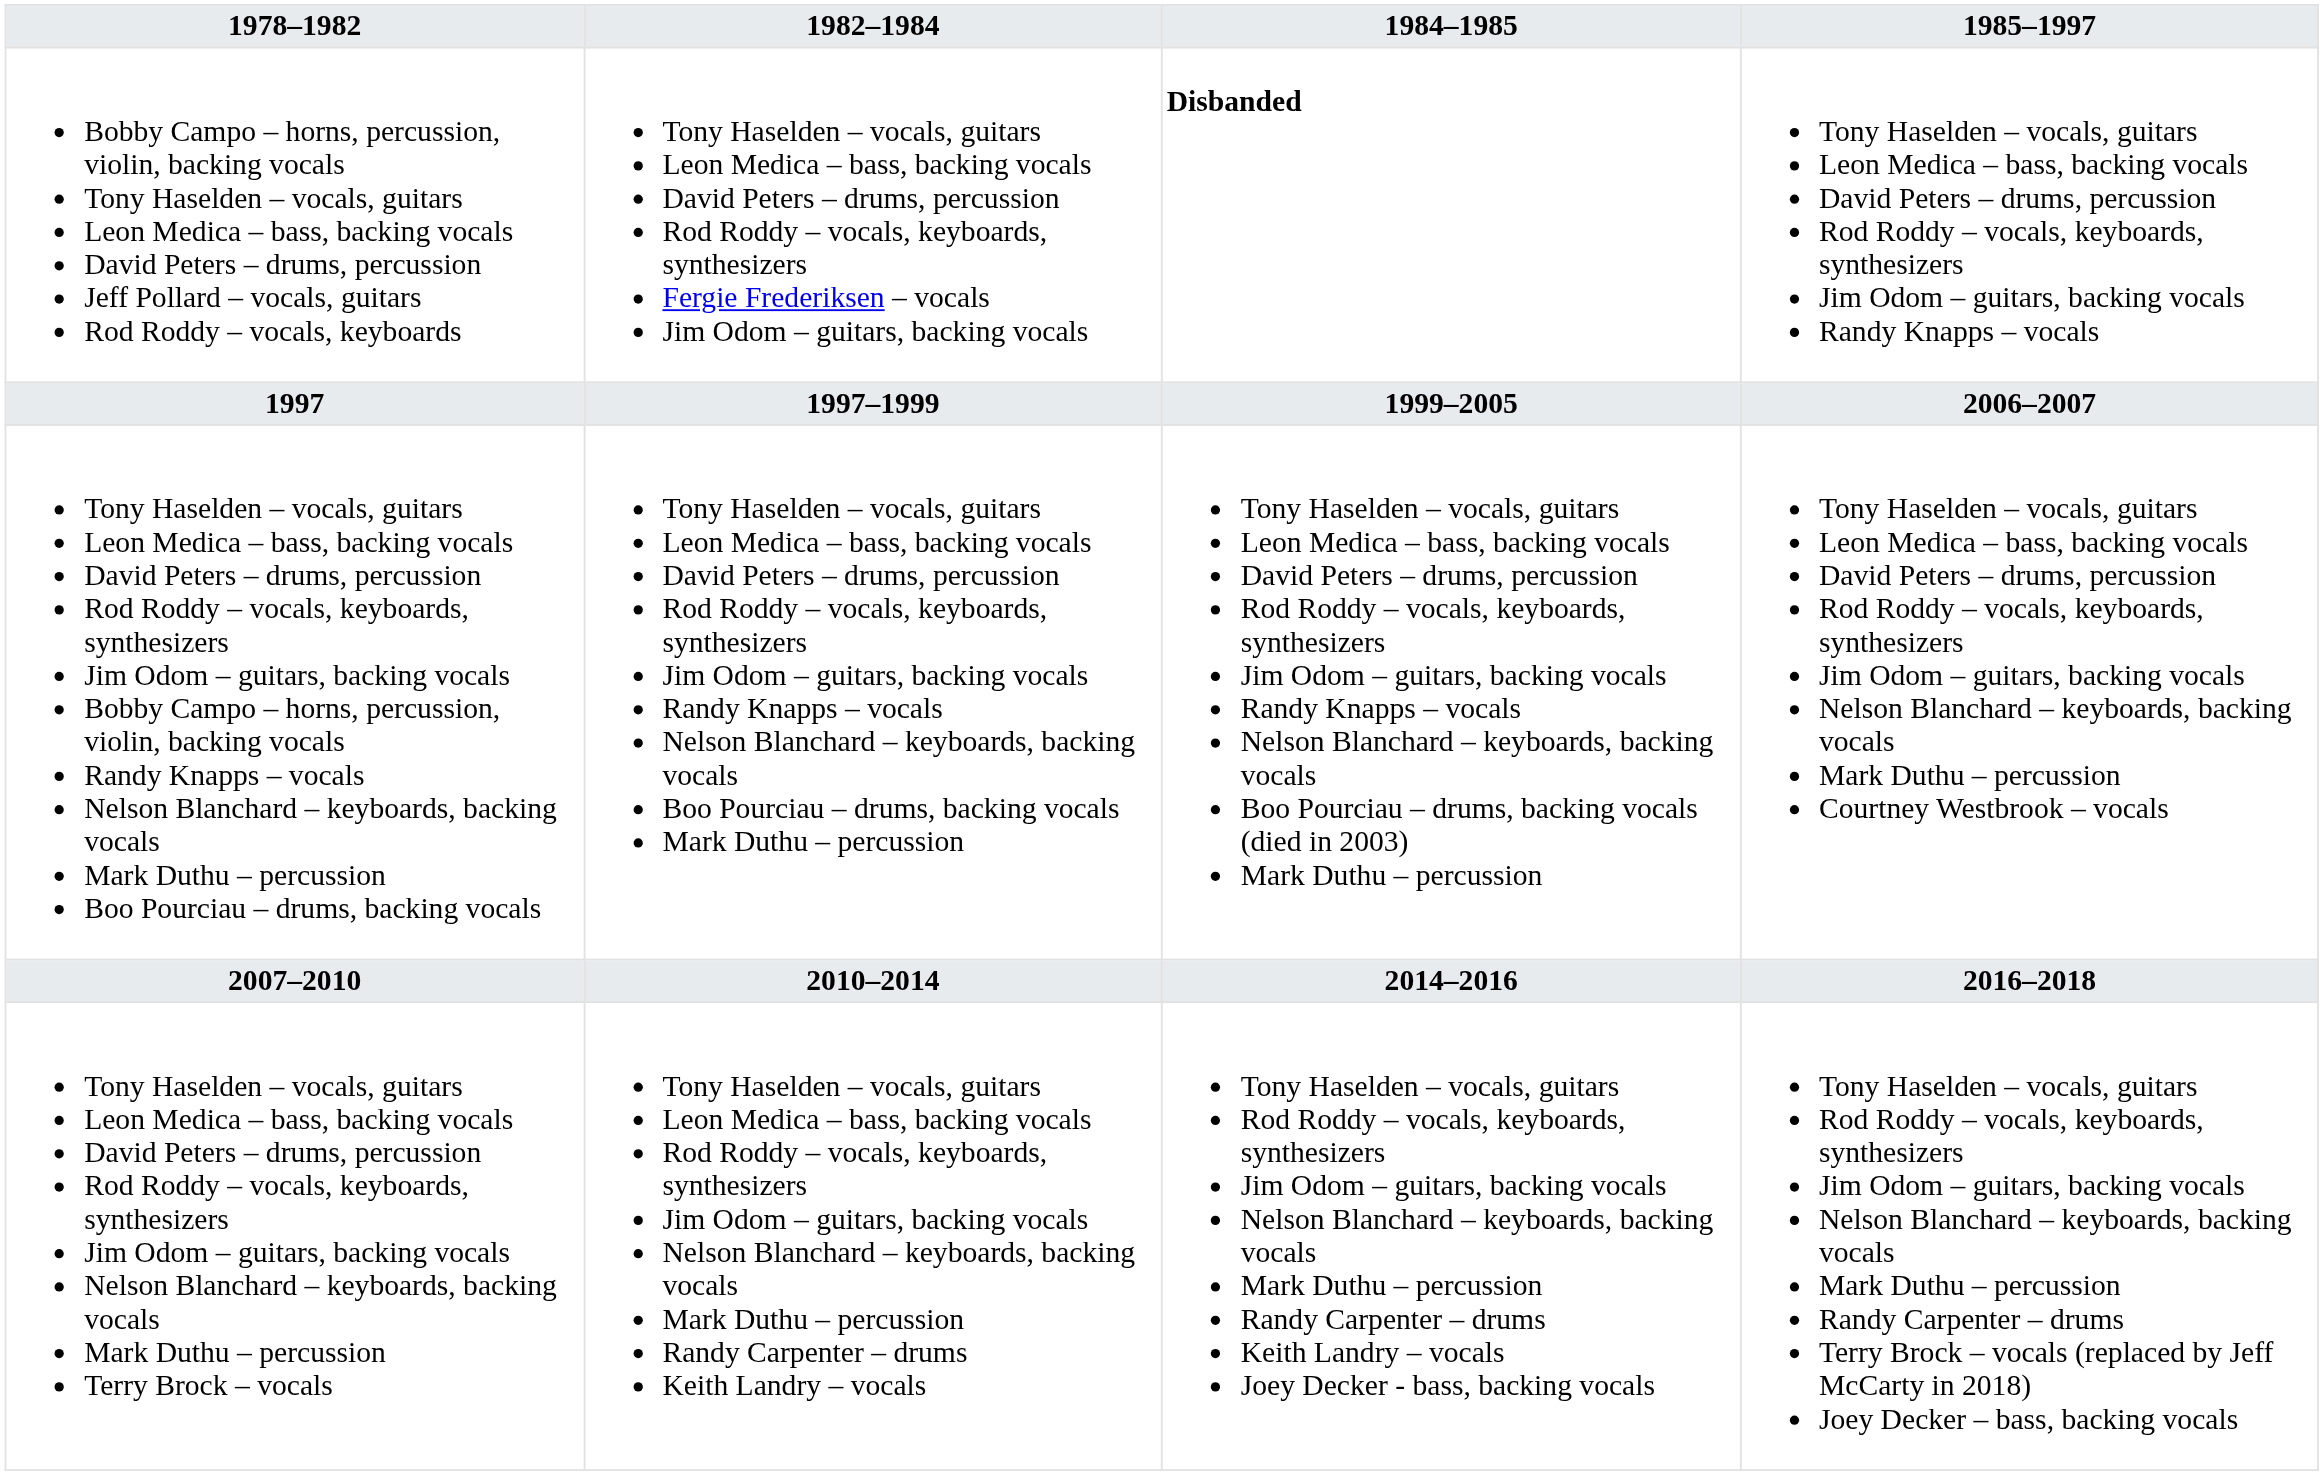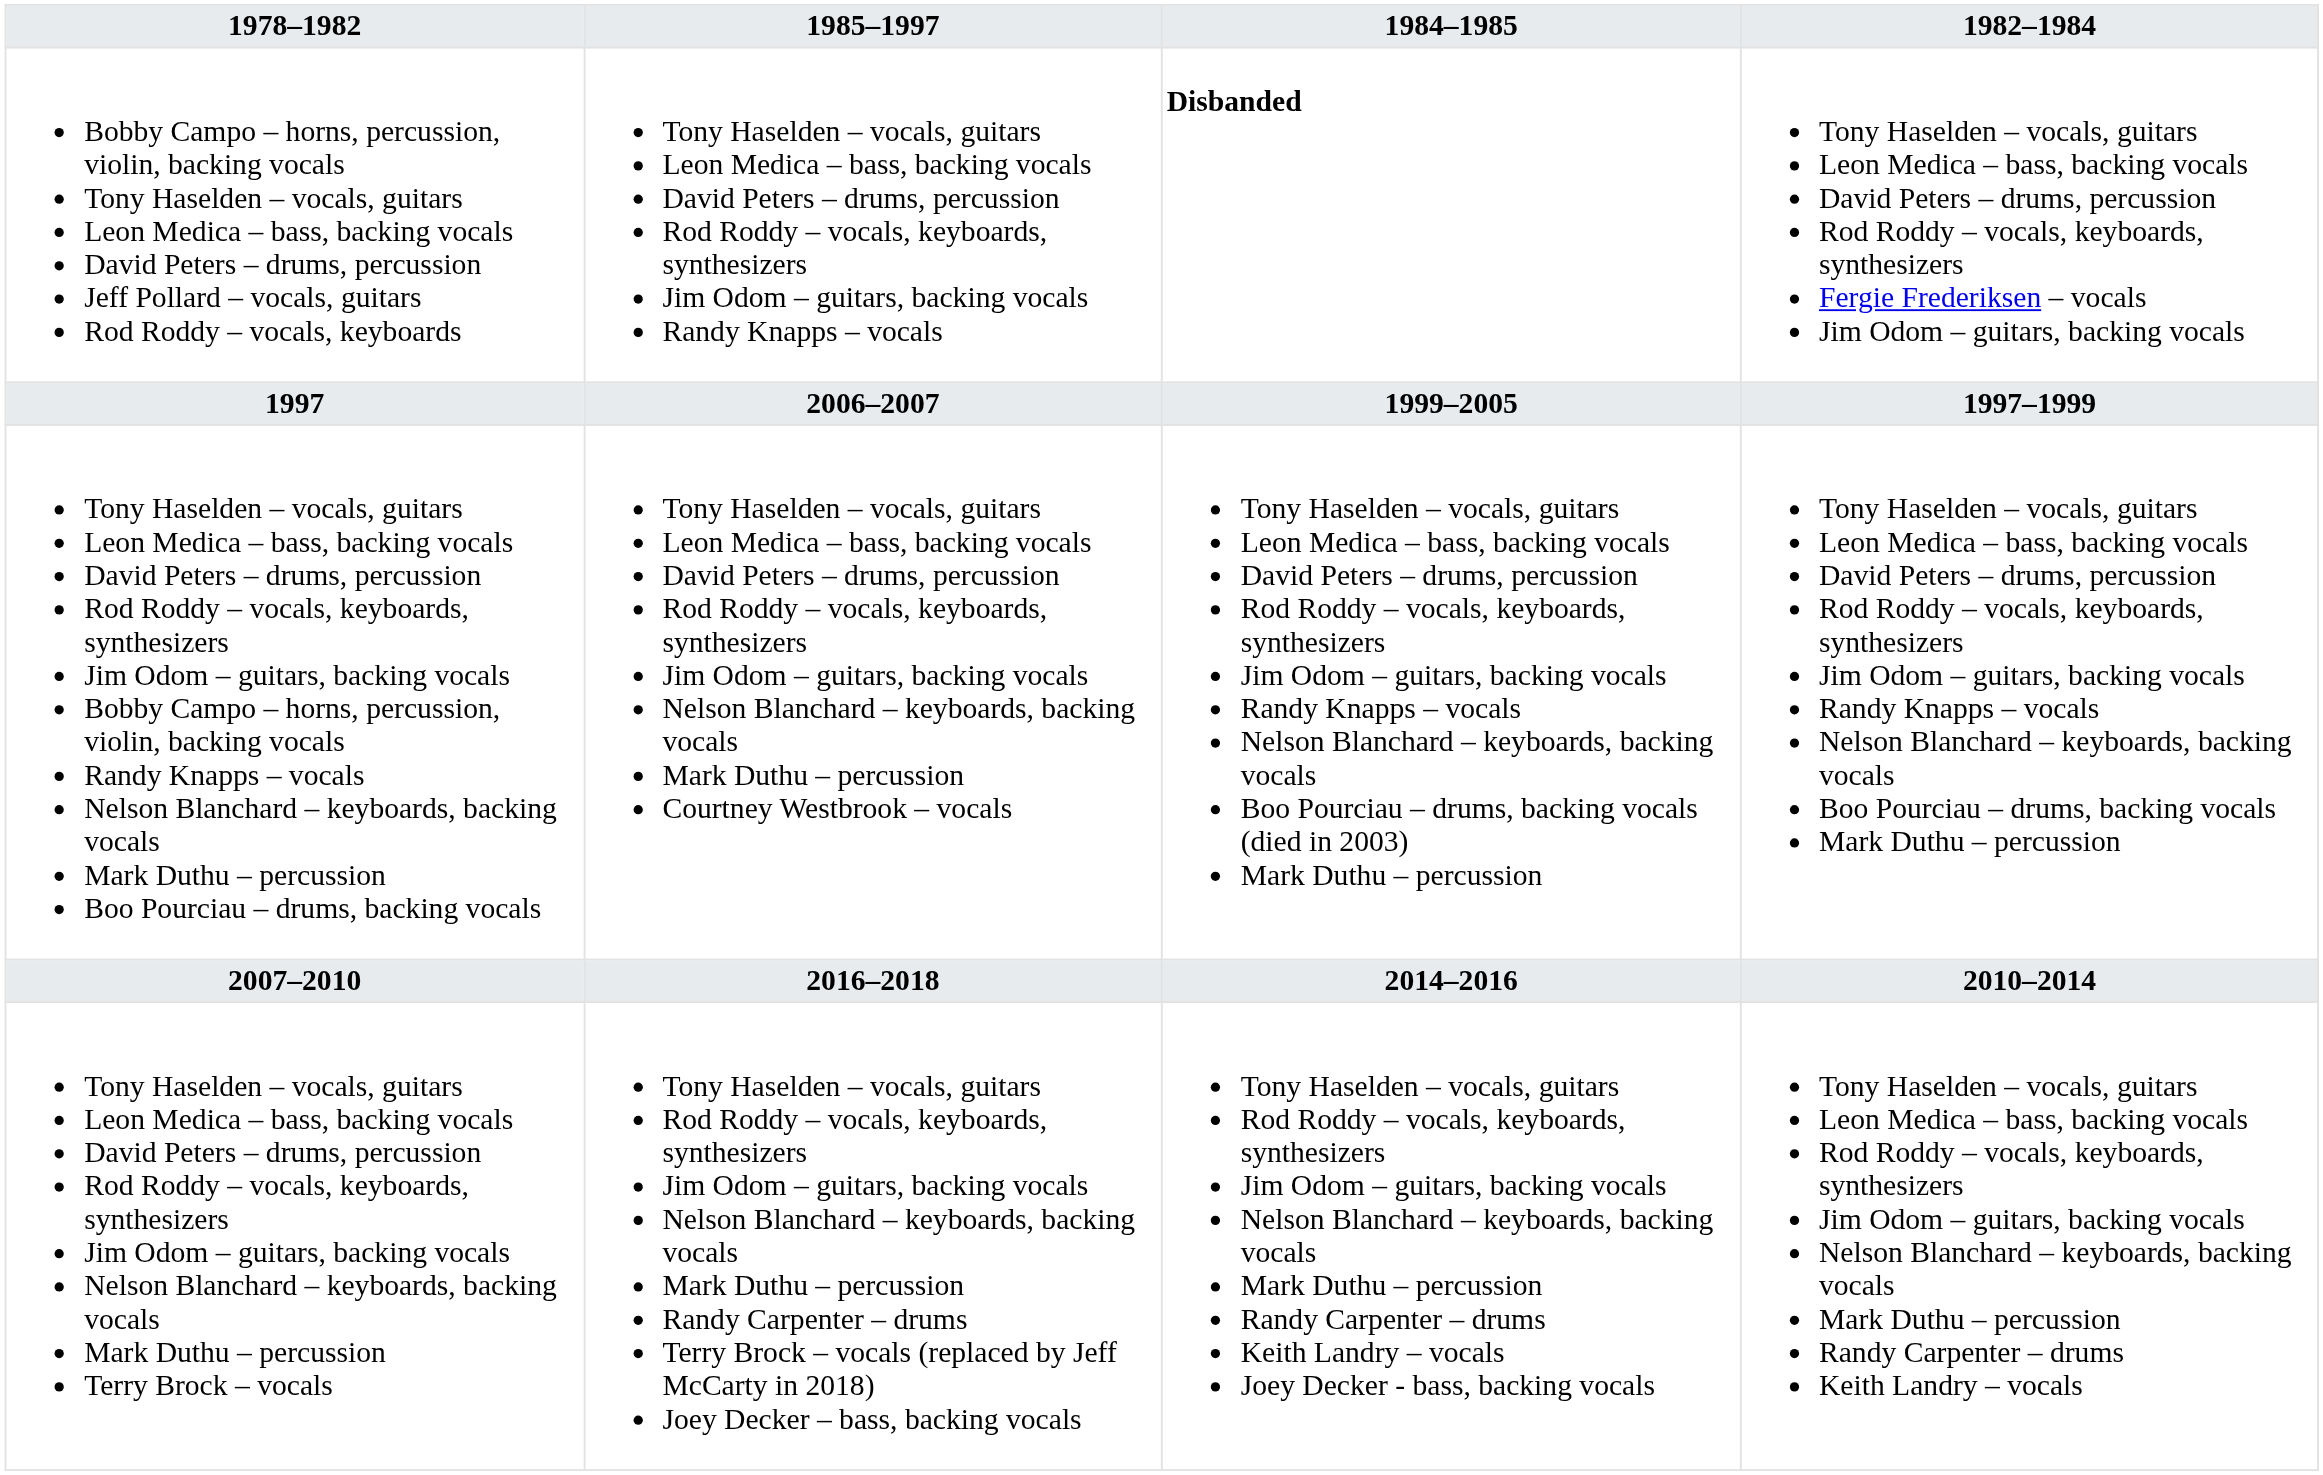 <table class="toccolours" border=1 cellpadding=2 cellspacing=0 style="float: width: 375px; margin: 0 0 1em 1em; border-collapse: collapse; border: 1px solid #E2E2E2;" width=99%>
 <tr>
 <th bgcolor="#E7EBEE" valign=top width=25%>1978–1982</th>
+<th bgcolor="#E7EBEE" valign=top width=25%>1985–1997</th>
+<th bgcolor="#E7EBEE" valign=top width=25%>1984–1985</th>
 <th bgcolor="#E7EBEE" valign=top width=25%>1982–1984</th>
-<th bgcolor="#E7EBEE" valign=top width=25%>1984–1985</th>
-<th bgcolor="#E7EBEE" valign=top width=25%>1985–1997</th>
 </tr>
 <tr>
 <td valign=top><br><ul><li>Bobby Campo – horns, percussion, violin, backing vocals</li><li>Tony Haselden – vocals, guitars</li><li>Leon Medica – bass, backing vocals</li><li>David Peters – drums, percussion</li><li>Jeff Pollard – vocals, guitars</li><li>Rod Roddy – vocals, keyboards</li></ul></td>
+<td valign=top><br><ul><li>Tony Haselden – vocals, guitars</li><li>Leon Medica – bass, backing vocals</li><li>David Peters – drums, percussion</li><li>Rod Roddy – vocals, keyboards, synthesizers</li><li>Jim Odom – guitars,  backing vocals</li><li>Randy Knapps – vocals</li></ul></td>
+<td valign=top><strong><br>Disbanded</strong></td>
 <td valign=top><br><ul><li>Tony Haselden – vocals, guitars</li><li>Leon Medica – bass, backing vocals</li><li>David Peters – drums, percussion</li><li>Rod Roddy – vocals, keyboards, synthesizers</li><li><a href='#'>Fergie Frederiksen</a> – vocals</li><li>Jim Odom – guitars, backing vocals</li></ul></td>
-<td valign=top><strong><br>Disbanded</strong></td>
-<td valign=top><br><ul><li>Tony Haselden – vocals, guitars</li><li>Leon Medica – bass, backing vocals</li><li>David Peters – drums, percussion</li><li>Rod Roddy – vocals, keyboards, synthesizers</li><li>Jim Odom – guitars,  backing vocals</li><li>Randy Knapps – vocals</li></ul></td>
 </tr>
 <tr>
 <th bgcolor="#E7EBEE" valign=top width=25%>1997</th>
+<th bgcolor="#E7EBEE" valign=top width=25%>2006–2007</th>
+<th bgcolor="#E7EBEE" valign=top width=25%>1999–2005</th>
 <th bgcolor="#E7EBEE" valign=top width=25%>1997–1999</th>
-<th bgcolor="#E7EBEE" valign=top width=25%>1999–2005</th>
-<th bgcolor="#E7EBEE" valign=top width=25%>2006–2007</th>
 </tr>
 <tr>
 <td valign=top><br><ul><li>Tony Haselden – vocals, guitars</li><li>Leon Medica – bass, backing vocals</li><li>David Peters – drums, percussion</li><li>Rod Roddy – vocals, keyboards, synthesizers</li><li>Jim Odom – guitars, backing vocals</li><li>Bobby Campo – horns, percussion, violin, backing vocals</li><li>Randy Knapps – vocals</li><li>Nelson Blanchard – keyboards, backing vocals</li><li>Mark Duthu – percussion</li><li>Boo Pourciau – drums, backing vocals</li></ul></td>
+<td valign=top><br><ul><li>Tony Haselden – vocals, guitars</li><li>Leon Medica – bass, backing vocals</li><li>David Peters – drums, percussion</li><li>Rod Roddy – vocals, keyboards, synthesizers</li><li>Jim Odom – guitars, backing vocals</li><li>Nelson Blanchard – keyboards, backing vocals</li><li>Mark Duthu – percussion</li><li>Courtney Westbrook – vocals</li></ul></td>
+<td valign=top><br><ul><li>Tony Haselden – vocals, guitars</li><li>Leon Medica – bass, backing vocals</li><li>David Peters – drums, percussion</li><li>Rod Roddy – vocals, keyboards, synthesizers</li><li>Jim Odom – guitars, backing vocals</li><li>Randy Knapps – vocals</li><li>Nelson Blanchard – keyboards, backing vocals</li><li>Boo Pourciau – drums, backing vocals (died in 2003)</li><li>Mark Duthu – percussion</li></ul></td>
 <td valign=top><br><ul><li>Tony Haselden – vocals, guitars</li><li>Leon Medica – bass, backing vocals</li><li>David Peters – drums, percussion</li><li>Rod Roddy – vocals, keyboards, synthesizers</li><li>Jim Odom – guitars, backing vocals</li><li>Randy Knapps – vocals</li><li>Nelson Blanchard – keyboards, backing vocals</li><li>Boo Pourciau – drums, backing vocals</li><li>Mark Duthu – percussion</li></ul></td>
-<td valign=top><br><ul><li>Tony Haselden – vocals, guitars</li><li>Leon Medica – bass, backing vocals</li><li>David Peters – drums, percussion</li><li>Rod Roddy – vocals, keyboards, synthesizers</li><li>Jim Odom – guitars, backing vocals</li><li>Randy Knapps – vocals</li><li>Nelson Blanchard – keyboards, backing vocals</li><li>Boo Pourciau – drums, backing vocals (died in 2003)</li><li>Mark Duthu – percussion</li></ul></td>
-<td valign=top><br><ul><li>Tony Haselden – vocals, guitars</li><li>Leon Medica – bass, backing vocals</li><li>David Peters – drums, percussion</li><li>Rod Roddy – vocals, keyboards, synthesizers</li><li>Jim Odom – guitars, backing vocals</li><li>Nelson Blanchard – keyboards, backing vocals</li><li>Mark Duthu – percussion</li><li>Courtney Westbrook – vocals</li></ul></td>
 </tr>
 <tr>
 <th bgcolor="#E7EBEE" valign=top width=25%>2007–2010</th>
+<th bgcolor="#E7EBEE" valign=top width=25%>2016–2018</th>
+<th bgcolor="#E7EBEE" valign=top width=25%>2014–2016</th>
 <th bgcolor="#E7EBEE" valign=top width=25%>2010–2014</th>
-<th bgcolor="#E7EBEE" valign=top width=25%>2014–2016</th>
-<th bgcolor="#E7EBEE" valign=top width=25%>2016–2018</th>
 </tr>
 <tr>
 <td valign=top><br><ul><li>Tony Haselden – vocals, guitars</li><li>Leon Medica – bass, backing vocals</li><li>David Peters – drums, percussion</li><li>Rod Roddy – vocals, keyboards, synthesizers</li><li>Jim Odom – guitars, backing vocals</li><li>Nelson Blanchard – keyboards, backing vocals</li><li>Mark Duthu – percussion</li><li>Terry Brock – vocals</li></ul></td>
+<td valign=top><br><ul><li>Tony Haselden – vocals, guitars</li><li>Rod Roddy – vocals, keyboards, synthesizers</li><li>Jim Odom – guitars, backing vocals</li><li>Nelson Blanchard – keyboards, backing vocals</li><li>Mark Duthu – percussion</li><li>Randy Carpenter – drums</li><li>Terry Brock – vocals (replaced by Jeff McCarty in 2018)</li><li>Joey Decker – bass, backing vocals</li></ul></td>
+<td valign=top><br><ul><li>Tony Haselden – vocals, guitars</li><li>Rod Roddy – vocals, keyboards, synthesizers</li><li>Jim Odom – guitars, backing vocals</li><li>Nelson Blanchard – keyboards, backing vocals</li><li>Mark Duthu – percussion</li><li>Randy Carpenter – drums</li><li>Keith Landry – vocals</li><li>Joey Decker - bass, backing vocals</li></ul></td>
 <td valign=top><br><ul><li>Tony Haselden – vocals, guitars</li><li>Leon Medica – bass, backing vocals</li><li>Rod Roddy – vocals, keyboards, synthesizers</li><li>Jim Odom – guitars, backing vocals</li><li>Nelson Blanchard – keyboards, backing vocals</li><li>Mark Duthu – percussion</li><li>Randy Carpenter – drums</li><li>Keith Landry – vocals</li></ul></td>
-<td valign=top><br><ul><li>Tony Haselden – vocals, guitars</li><li>Rod Roddy – vocals, keyboards, synthesizers</li><li>Jim Odom – guitars, backing vocals</li><li>Nelson Blanchard – keyboards, backing vocals</li><li>Mark Duthu – percussion</li><li>Randy Carpenter – drums</li><li>Keith Landry – vocals</li><li>Joey Decker - bass, backing vocals</li></ul></td>
-<td valign=top><br><ul><li>Tony Haselden – vocals, guitars</li><li>Rod Roddy – vocals, keyboards, synthesizers</li><li>Jim Odom – guitars, backing vocals</li><li>Nelson Blanchard – keyboards, backing vocals</li><li>Mark Duthu – percussion</li><li>Randy Carpenter – drums</li><li>Terry Brock – vocals (replaced by Jeff McCarty in 2018)</li><li>Joey Decker – bass, backing vocals</li></ul></td>
 </tr>
 </table>
